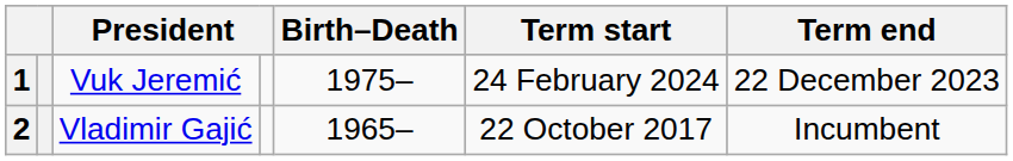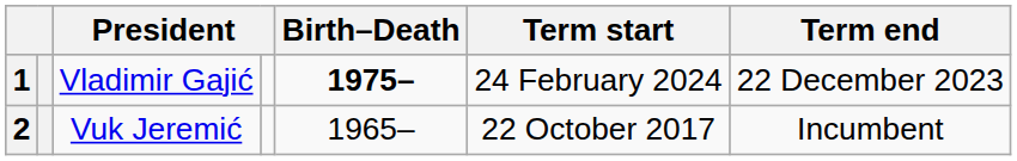 <table class="wikitable" style="text-align:center">
 <tr>
 <th colspan="2"></th>
 <th colspan="2">President</th>
 <th>Birth–Death</th>
 <th>Term start</th>
 <th>Term end</th>
 </tr>
 <tr>
 <th>1</th>
 <th style="background:"></th>
-<td><a href='#'>Vuk Jeremić</a></td>
+<td><a href='#'>Vladimir Gajić</a></td>
 <td></td>
-<td>1975–</td>
+<td><strong>1975–</strong></td>
 <td>24 February 2024</td>
 <td>22 December 2023</td>
 </tr>
 <tr>
 <th>2</th>
 <th style="background:"></th>
-<td><a href='#'>Vladimir Gajić</a></td>
+<td><a href='#'>Vuk Jeremić</a></td>
 <td></td>
 <td>1965–</td>
 <td>22 October 2017</td>
 <td>Incumbent</td>
 </tr>
 </table>
